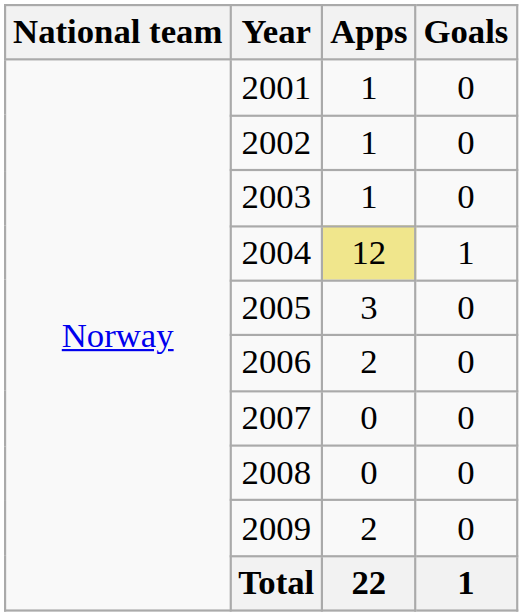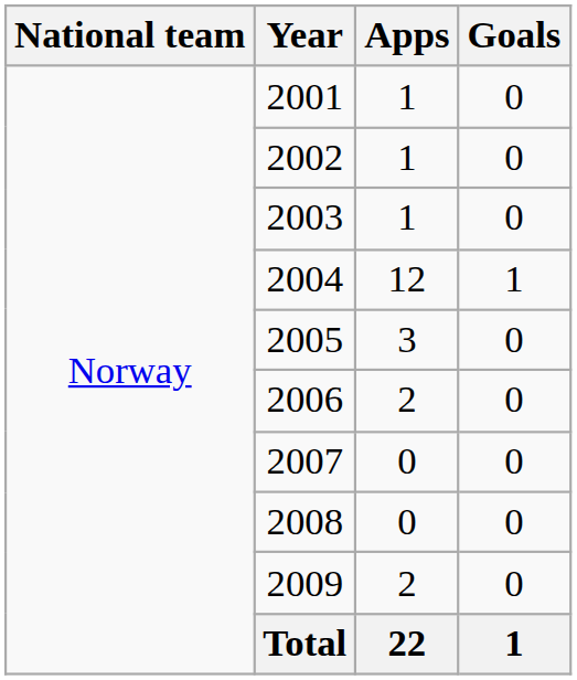 <table class="wikitable" style="text-align:center">
 <tr>
 <th>National team</th>
 <th>Year</th>
 <th>Apps</th>
 <th>Goals</th>
 </tr>
 <tr>
 <td rowspan="10"><a href='#'>Norway</a></td>
 <td>2001</td>
 <td>1</td>
 <td>0</td>
 </tr>
 <tr>
 <td>2002</td>
 <td>1</td>
 <td>0</td>
 </tr>
 <tr>
 <td>2003</td>
 <td>1</td>
 <td>0</td>
 </tr>
 <tr>
 <td>2004</td>
-<td style="background: khaki;">12</td>
+<td>12</td>
 <td>1</td>
 </tr>
 <tr>
 <td>2005</td>
 <td>3</td>
 <td>0</td>
 </tr>
 <tr>
 <td>2006</td>
 <td>2</td>
 <td>0</td>
 </tr>
 <tr>
 <td>2007</td>
 <td>0</td>
 <td>0</td>
 </tr>
 <tr>
 <td>2008</td>
 <td>0</td>
 <td>0</td>
 </tr>
 <tr>
 <td>2009</td>
 <td>2</td>
 <td>0</td>
 </tr>
 <tr>
 <th>Total</th>
 <th>22</th>
 <th>1</th>
 </tr>
 </table>
